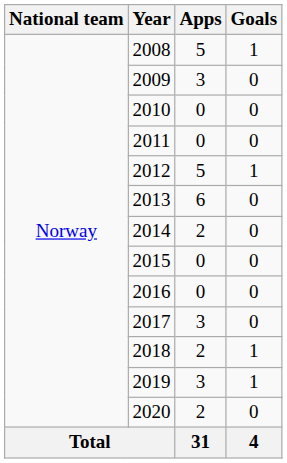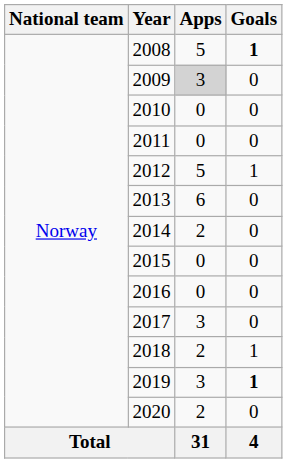 <table class="wikitable" style="text-align:center">
 <tr>
 <th>National team</th>
 <th>Year</th>
 <th>Apps</th>
 <th>Goals</th>
 </tr>
 <tr>
 <td rowspan="13"><a href='#'>Norway</a></td>
 <td>2008</td>
 <td>5</td>
-<td>1</td>
+<td><strong>1</strong></td>
 </tr>
 <tr>
 <td>2009</td>
-<td>3</td>
+<td style="background: lightgrey;">3</td>
 <td>0</td>
 </tr>
 <tr>
 <td>2010</td>
 <td>0</td>
 <td>0</td>
 </tr>
 <tr>
 <td>2011</td>
 <td>0</td>
 <td>0</td>
 </tr>
 <tr>
 <td>2012</td>
 <td>5</td>
 <td>1</td>
 </tr>
 <tr>
 <td>2013</td>
 <td>6</td>
 <td>0</td>
 </tr>
 <tr>
 <td>2014</td>
 <td>2</td>
 <td>0</td>
 </tr>
 <tr>
 <td>2015</td>
 <td>0</td>
 <td>0</td>
 </tr>
 <tr>
 <td>2016</td>
 <td>0</td>
 <td>0</td>
 </tr>
 <tr>
 <td>2017</td>
 <td>3</td>
 <td>0</td>
 </tr>
 <tr>
 <td>2018</td>
 <td>2</td>
 <td>1</td>
 </tr>
 <tr>
 <td>2019</td>
 <td>3</td>
-<td>1</td>
+<td><strong>1</strong></td>
 </tr>
 <tr>
 <td>2020</td>
 <td>2</td>
 <td>0</td>
 </tr>
 <tr>
 <th colspan="2">Total</th>
 <th>31</th>
 <th>4</th>
 </tr>
 </table>
